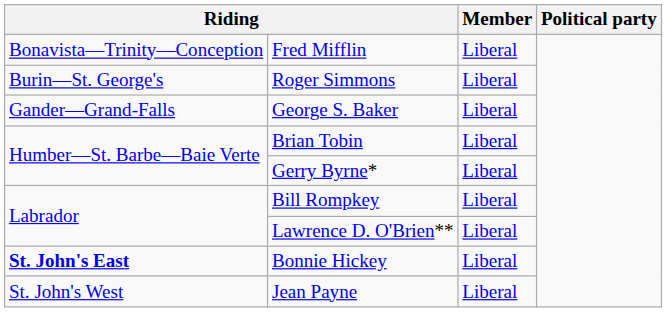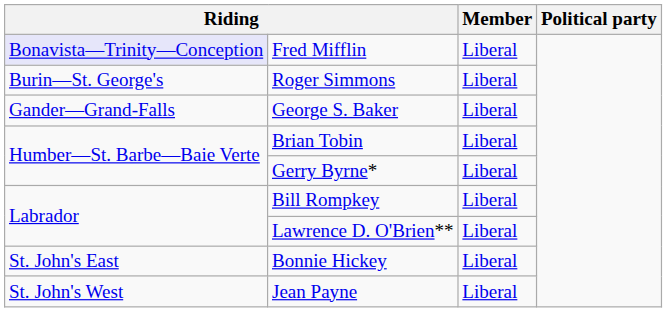 <table class="wikitable">
 <tr>
 <th colspan=2>Riding</th>
 <th>Member</th>
 <th>Political party</th>
 </tr>
 <tr>
-<td><a href='#'>Bonavista—Trinity—Conception</a></td>
+<td style="background: lavender;"><a href='#'>Bonavista—Trinity—Conception</a></td>
 <td><a href='#'>Fred Mifflin</a></td>
 <td><a href='#'>Liberal</a></td>
 </tr>
 <tr>
 <td><a href='#'>Burin—St. George's</a></td>
 <td><a href='#'>Roger Simmons</a></td>
 <td><a href='#'>Liberal</a></td>
 </tr>
 <tr>
 <td><a href='#'>Gander—Grand-Falls</a></td>
 <td><a href='#'>George S. Baker</a></td>
 <td><a href='#'>Liberal</a></td>
 </tr>
 <tr>
 <td rowspan="2"><a href='#'>Humber—St. Barbe—Baie Verte</a></td>
 <td><a href='#'>Brian Tobin</a></td>
 <td><a href='#'>Liberal</a></td>
 </tr>
 <tr>
 <td><a href='#'>Gerry Byrne</a>*</td>
 <td><a href='#'>Liberal</a></td>
 </tr>
 <tr>
 <td rowspan="2"><a href='#'>Labrador</a></td>
 <td><a href='#'>Bill Rompkey</a></td>
 <td><a href='#'>Liberal</a></td>
 </tr>
 <tr>
 <td><a href='#'>Lawrence D. O'Brien</a>**</td>
 <td><a href='#'>Liberal</a></td>
 </tr>
 <tr>
-<td><strong><a href='#'>St. John's East</a></strong></td>
+<td><a href='#'>St. John's East</a></td>
 <td><a href='#'>Bonnie Hickey</a></td>
 <td><a href='#'>Liberal</a></td>
 </tr>
 <tr>
 <td><a href='#'>St. John's West</a></td>
 <td><a href='#'>Jean Payne</a></td>
 <td><a href='#'>Liberal</a></td>
 </tr>
 </table>
